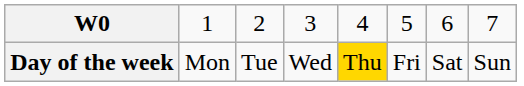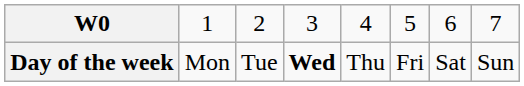 <table class="wikitable">
 <tr style="text-align:center;">
 <th>W0</th>
 <td>1</td>
 <td>2</td>
 <td>3</td>
 <td>4</td>
 <td>5</td>
 <td>6</td>
 <td>7</td>
 </tr>
 <tr>
 <th>Day of the week</th>
 <td>Mon</td>
 <td>Tue</td>
-<td>Wed</td>
-<td style="background: gold;">Thu</td>
+<td><strong>Wed</strong></td>
+<td>Thu</td>
 <td>Fri</td>
 <td>Sat</td>
 <td>Sun</td>
 </tr>
 </table>
